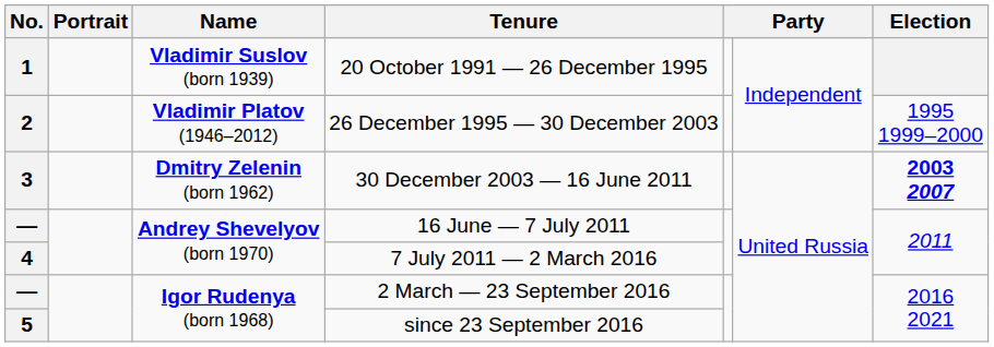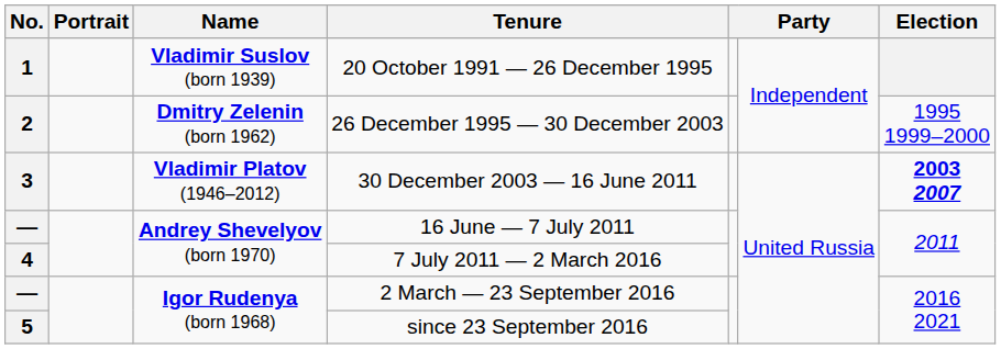 <table class="wikitable" style="text-align:center">
 <tr style="background:#cccccc" bgcolor=#E6E6AA>
 <th>No.</th>
 <th>Portrait</th>
 <th>Name</th>
 <th>Tenure</th>
 <th colspan=2>Party</th>
 <th>Election</th>
 </tr>
 <tr>
 <th>1</th>
 <td></td>
 <td><strong><a href='#'>Vladimir Suslov</a></strong><br><small>(born 1939)</small></td>
 <td>20 October 1991 — 26 December 1995</td>
 <td style="background: "></td>
 <td rowspan="2"><a href='#'>Independent</a></td>
 <th></th>
 </tr>
 <tr>
 <th>2</th>
 <td></td>
-<td><strong><a href='#'>Vladimir Platov</a></strong><br><small>(1946–2012)</small></td>
+<td><strong><a href='#'>Dmitry Zelenin</a></strong><br><small>(born 1962)</small></td>
 <td>26 December 1995 — 30 December 2003</td>
 <td style="background: "></td>
 <td><a href='#'>1995</a><br><a href='#'>1999–2000</a></td>
 </tr>
 <tr>
 <th>3</th>
 <td></td>
-<td><strong><a href='#'>Dmitry Zelenin</a></strong><br><small>(born 1962)</small></td>
+<td><strong><a href='#'>Vladimir Platov</a></strong><br><small>(1946–2012)</small></td>
 <td>30 December 2003 — 16 June 2011</td>
 <td style="background: "></td>
 <td rowspan="5"><a href='#'>United Russia</a></td>
 <td><strong><a href='#'>2003</a><br><em><a href='#'>2007</a></em></strong></td>
 </tr>
 <tr>
 <th>—</th>
 <td rowspan = 2></td>
 <td rowspan = 2><strong><a href='#'>Andrey Shevelyov</a></strong><br><small>(born 1970)</small></td>
 <td>16 June — 7 July 2011</td>
 <td rowspan=2; style="background: "></td>
 <td rowspan=2><em><a href='#'>2011</a></em></td>
 </tr>
 <tr>
 <th>4</th>
 <td>7 July 2011 — 2 March 2016</td>
 </tr>
 <tr>
 <th>—</th>
 <td rowspan = 2></td>
 <td rowspan = 2><strong><a href='#'>Igor Rudenya</a></strong><br><small>(born 1968)</small></td>
 <td>2 March — 23 September 2016</td>
 <td rowspan=2; style="background: "></td>
 <td rowspan=2><a href='#'>2016</a><br><a href='#'>2021</a></td>
 </tr>
 <tr>
 <th>5</th>
 <td>since 23 September 2016</td>
 </tr>
 </table>
